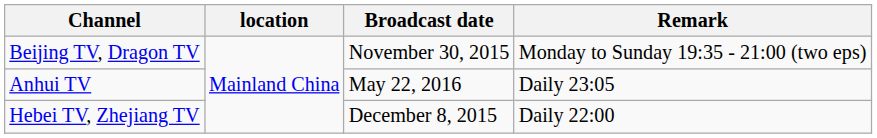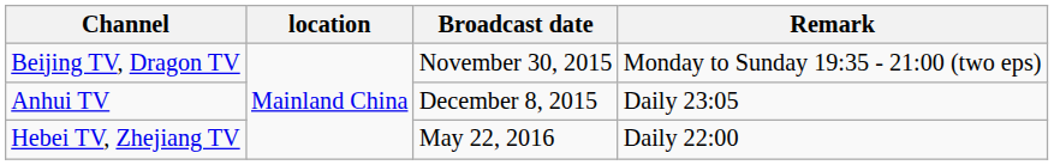 <table class="wikitable">
 <tr>
 <th>Channel</th>
 <th>location</th>
 <th>Broadcast date</th>
 <th>Remark</th>
 </tr>
 <tr>
 <td><a href='#'>Beijing TV</a>, <a href='#'>Dragon TV</a></td>
 <td rowspan=9><a href='#'>Mainland China</a></td>
 <td>November 30, 2015</td>
 <td>Monday to Sunday 19:35 - 21:00 (two eps)</td>
 </tr>
 <tr>
 <td><a href='#'>Anhui TV</a></td>
-<td>May 22, 2016</td>
+<td>December 8, 2015</td>
 <td>Daily 23:05</td>
 </tr>
 <tr>
 <td><a href='#'>Hebei TV</a>, <a href='#'>Zhejiang TV</a></td>
-<td>December 8, 2015</td>
+<td>May 22, 2016</td>
 <td>Daily 22:00</td>
 </tr>
 </table>
